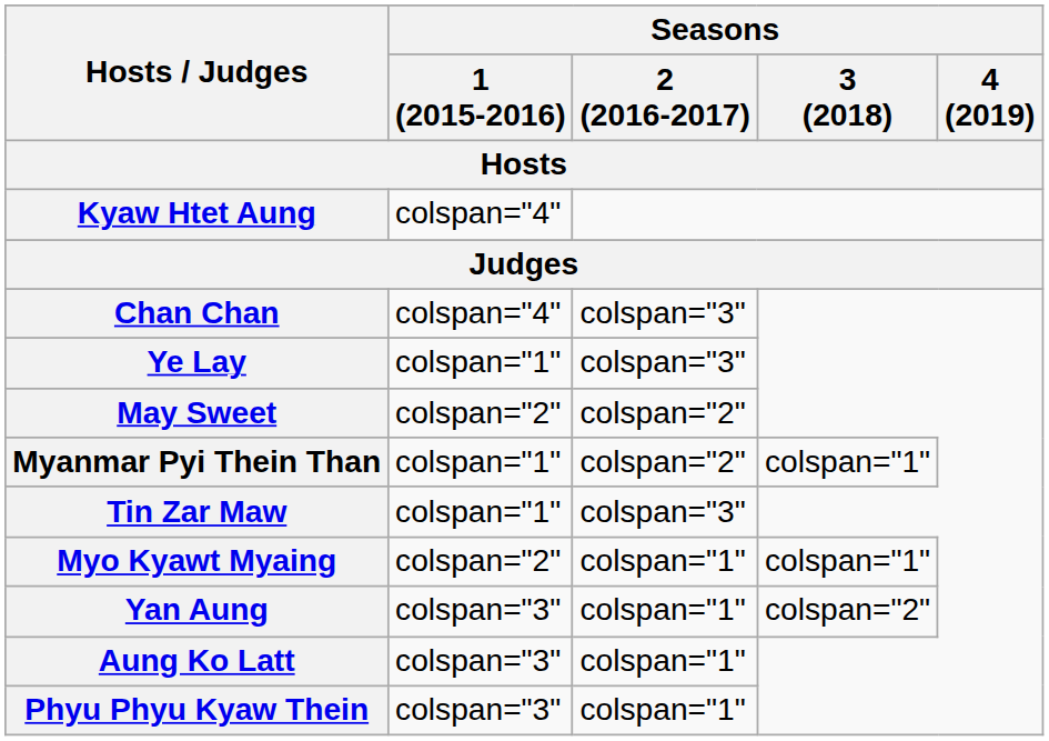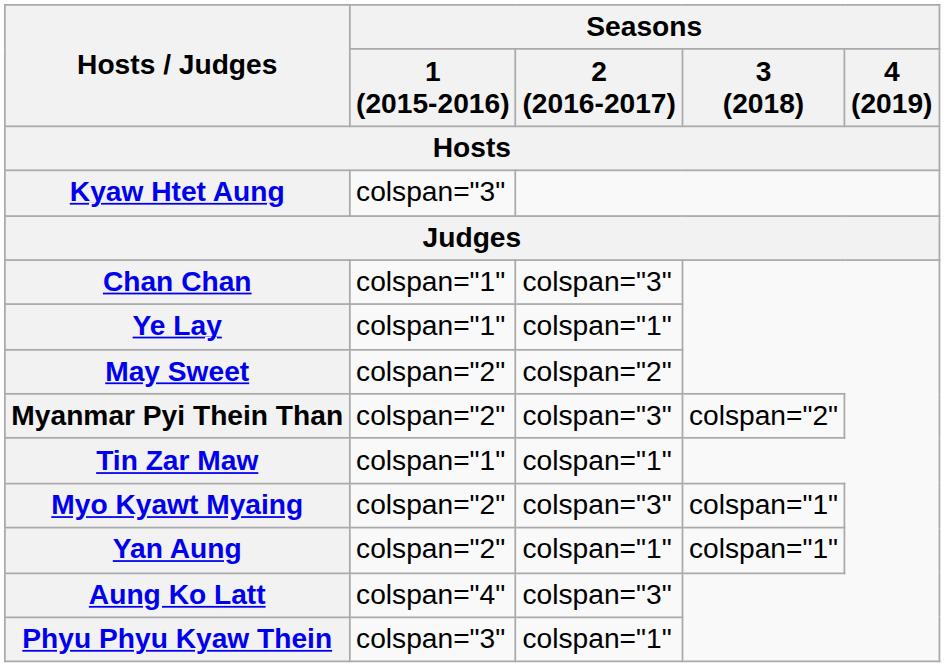 <table class="wikitable">
 <tr>
 <th rowspan="2">Hosts / Judges</th>
 <th colspan="4">Seasons</th>
 </tr>
 <tr>
 <th>1<br>(2015-2016)</th>
 <th>2<br>(2016-2017)</th>
 <th>3<br>(2018)</th>
 <th>4<br>(2019)</th>
 </tr>
 <tr>
 <th scope="col" colspan="5">Hosts</th>
 </tr>
 <tr>
 <th scope="row"><a href='#'>Kyaw Htet Aung</a></th>
-<td>colspan="4" </td>
+<td>colspan="3" </td>
 </tr>
 <tr>
 <th scope="col" colspan="5">Judges</th>
 </tr>
 <tr>
 <th scope="row"><a href='#'>Chan Chan</a></th>
-<td>colspan="4" </td>
+<td>colspan="1" </td>
 <td>colspan="3" </td>
 </tr>
 <tr>
 <th scope="row"><a href='#'>Ye Lay</a></th>
 <td>colspan="1" </td>
-<td>colspan="3" </td>
+<td>colspan="1" </td>
 </tr>
 <tr>
 <th scope="row"><a href='#'>May Sweet</a></th>
 <td>colspan="2" </td>
 <td>colspan="2" </td>
 </tr>
 <tr>
 <th scope="row">Myanmar Pyi Thein Than</th>
-<td>colspan="1" </td>
 <td>colspan="2" </td>
-<td>colspan="1" </td>
+<td>colspan="3" </td>
+<td>colspan="2" </td>
 </tr>
 <tr>
 <th scope="row"><a href='#'>Tin Zar Maw</a></th>
 <td>colspan="1" </td>
-<td>colspan="3" </td>
+<td>colspan="1" </td>
 </tr>
 <tr>
 <th scope="row"><a href='#'>Myo Kyawt Myaing</a></th>
+<td>colspan="2" </td>
+<td>colspan="3" </td>
+<td>colspan="1" </td>
+</tr>
+<tr>
+<th scope="row"><a href='#'>Yan Aung</a></th>
 <td>colspan="2" </td>
 <td>colspan="1" </td>
 <td>colspan="1" </td>
 </tr>
 <tr>
-<th scope="row"><a href='#'>Yan Aung</a></th>
+<th scope="row"><a href='#'>Aung Ko Latt</a></th>
+<td>colspan="4" </td>
 <td>colspan="3" </td>
-<td>colspan="1" </td>
-<td>colspan="2" </td>
-</tr>
-<tr>
-<th scope="row"><a href='#'>Aung Ko Latt</a></th>
-<td>colspan="3" </td>
-<td>colspan="1" </td>
 </tr>
 <tr>
 <th scope="row"><a href='#'>Phyu Phyu Kyaw Thein</a></th>
 <td>colspan="3" </td>
 <td>colspan="1" </td>
 </tr>
 </table>
